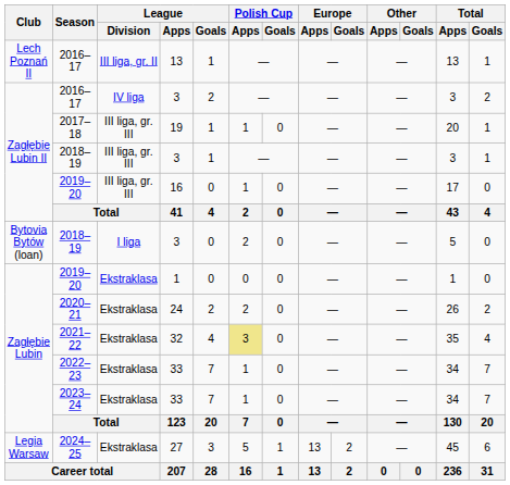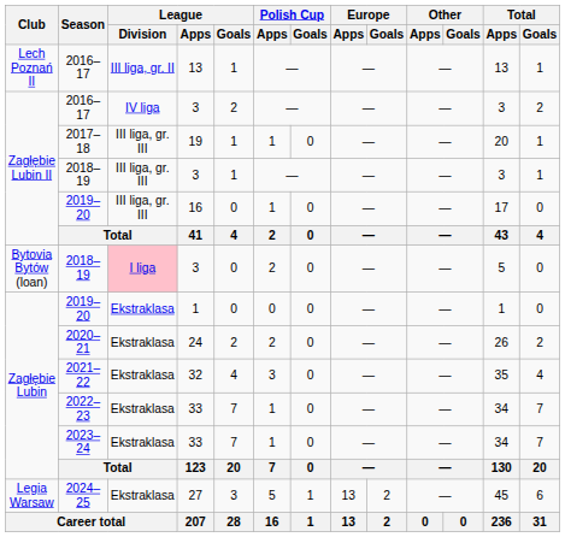 <table class="wikitable" style="text-align: center;">
 <tr>
 <th rowspan=2>Club</th>
 <th rowspan=2>Season</th>
 <th colspan=3>League</th>
 <th colspan=2><a href='#'>Polish Cup</a></th>
 <th colspan=2>Europe</th>
 <th colspan=2>Other</th>
 <th colspan=2>Total</th>
 </tr>
 <tr>
 <th>Division</th>
 <th>Apps</th>
 <th>Goals</th>
 <th>Apps</th>
 <th>Goals</th>
 <th>Apps</th>
 <th>Goals</th>
 <th>Apps</th>
 <th>Goals</th>
 <th>Apps</th>
 <th>Goals</th>
 </tr>
 <tr>
 <td><a href='#'>Lech Poznań II</a></td>
 <td>2016–17</td>
 <td><a href='#'>III liga, gr. II</a></td>
 <td>13</td>
 <td>1</td>
 <td colspan="2">—</td>
 <td colspan="2">—</td>
 <td colspan="2">—</td>
 <td>13</td>
 <td>1</td>
 </tr>
 <tr>
 <td rowspan="5"><a href='#'>Zagłębie Lubin II</a></td>
 <td>2016–17</td>
 <td><a href='#'>IV liga</a></td>
 <td>3</td>
 <td>2</td>
 <td colspan="2">—</td>
 <td colspan="2">—</td>
 <td colspan="2">—</td>
 <td>3</td>
 <td>2</td>
 </tr>
 <tr>
 <td>2017–18</td>
 <td>III liga, gr. III</td>
 <td>19</td>
 <td>1</td>
 <td>1</td>
 <td>0</td>
 <td colspan="2">—</td>
 <td colspan="2">—</td>
 <td>20</td>
 <td>1</td>
 </tr>
 <tr>
 <td>2018–19</td>
 <td>III liga, gr. III</td>
 <td>3</td>
 <td>1</td>
 <td colspan="2">—</td>
 <td colspan="2">—</td>
 <td colspan="2">—</td>
 <td>3</td>
 <td>1</td>
 </tr>
 <tr>
 <td><a href='#'>2019–20</a></td>
 <td>III liga, gr. III</td>
 <td>16</td>
 <td>0</td>
 <td>1</td>
 <td>0</td>
 <td colspan="2">—</td>
 <td colspan="2">—</td>
 <td>17</td>
 <td>0</td>
 </tr>
 <tr>
 <th colspan="2">Total</th>
 <th>41</th>
 <th>4</th>
 <th>2</th>
 <th>0</th>
 <th colspan="2">—</th>
 <th colspan="2">—</th>
 <th>43</th>
 <th>4</th>
 </tr>
 <tr>
 <td><a href='#'>Bytovia Bytów</a> (loan)</td>
 <td><a href='#'>2018–19</a></td>
-<td><a href='#'>I liga</a></td>
+<td style="background: pink;"><a href='#'>I liga</a></td>
 <td>3</td>
 <td>0</td>
 <td>2</td>
 <td>0</td>
 <td colspan="2">—</td>
 <td colspan="2">—</td>
 <td>5</td>
 <td>0</td>
 </tr>
 <tr>
 <td rowspan="6"><a href='#'>Zagłębie Lubin</a></td>
 <td><a href='#'>2019–20</a></td>
 <td><a href='#'>Ekstraklasa</a></td>
 <td>1</td>
 <td>0</td>
 <td>0</td>
 <td>0</td>
 <td colspan="2">—</td>
 <td colspan="2">—</td>
 <td>1</td>
 <td>0</td>
 </tr>
 <tr>
 <td><a href='#'>2020–21</a></td>
 <td>Ekstraklasa</td>
 <td>24</td>
 <td>2</td>
 <td>2</td>
 <td>0</td>
 <td colspan="2">—</td>
 <td colspan="2">—</td>
 <td>26</td>
 <td>2</td>
 </tr>
 <tr>
 <td><a href='#'>2021–22</a></td>
 <td>Ekstraklasa</td>
 <td>32</td>
 <td>4</td>
-<td style="background: khaki;">3</td>
+<td>3</td>
 <td>0</td>
 <td colspan="2">—</td>
 <td colspan="2">—</td>
 <td>35</td>
 <td>4</td>
 </tr>
 <tr>
 <td><a href='#'>2022–23</a></td>
 <td>Ekstraklasa</td>
 <td>33</td>
 <td>7</td>
 <td>1</td>
 <td>0</td>
 <td colspan="2">—</td>
 <td colspan="2">—</td>
 <td>34</td>
 <td>7</td>
 </tr>
 <tr>
 <td><a href='#'>2023–24</a></td>
 <td>Ekstraklasa</td>
 <td>33</td>
 <td>7</td>
 <td>1</td>
 <td>0</td>
 <td colspan="2">—</td>
 <td colspan="2">—</td>
 <td>34</td>
 <td>7</td>
 </tr>
 <tr>
 <th colspan="2">Total</th>
 <th>123</th>
 <th>20</th>
 <th>7</th>
 <th>0</th>
 <th colspan="2">—</th>
 <th colspan="2">—</th>
 <th>130</th>
 <th>20</th>
 </tr>
 <tr>
 <td><a href='#'>Legia Warsaw</a></td>
 <td><a href='#'>2024–25</a></td>
 <td>Ekstraklasa</td>
 <td>27</td>
 <td>3</td>
 <td>5</td>
 <td>1</td>
 <td>13</td>
 <td>2</td>
 <td colspan="2">—</td>
 <td>45</td>
 <td>6</td>
 </tr>
 <tr>
 <th colspan="3">Career total</th>
 <th>207</th>
 <th>28</th>
 <th>16</th>
 <th>1</th>
 <th>13</th>
 <th>2</th>
 <th>0</th>
 <th>0</th>
 <th>236</th>
 <th>31</th>
 </tr>
 </table>
